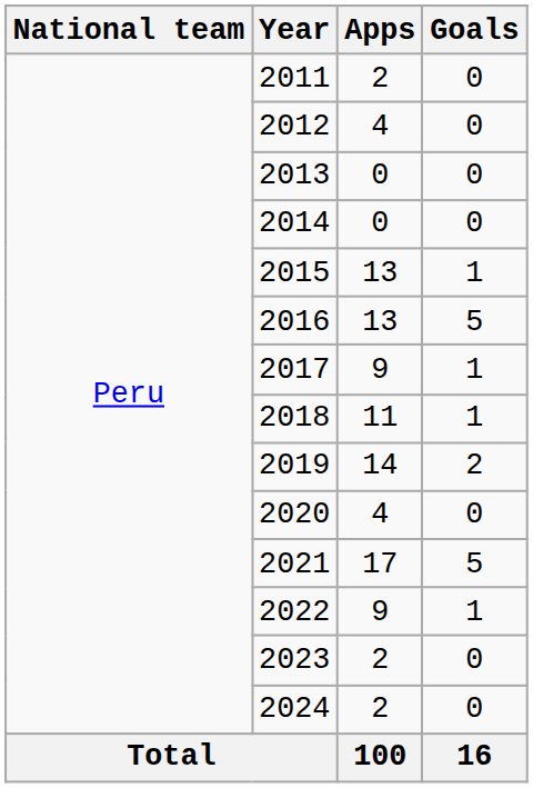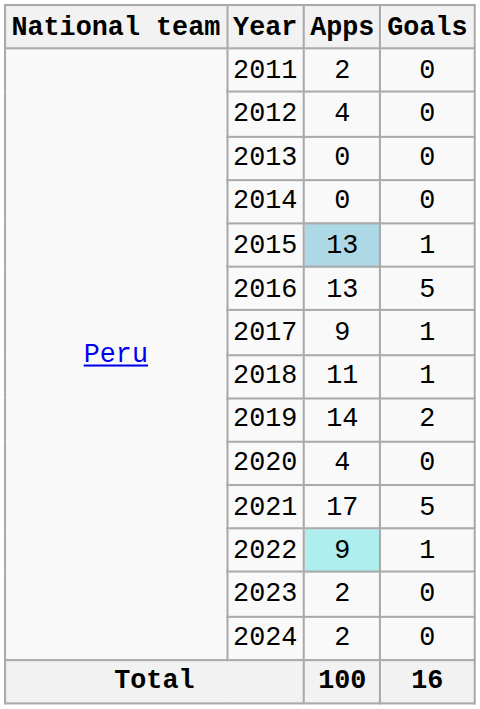 <table class="wikitable" style="text-align:center">
 <tr>
 <th>National team</th>
 <th>Year</th>
 <th>Apps</th>
 <th>Goals</th>
 </tr>
 <tr>
 <td rowspan="14"><a href='#'>Peru</a></td>
 <td>2011</td>
 <td>2</td>
 <td>0</td>
 </tr>
 <tr>
 <td>2012</td>
 <td>4</td>
 <td>0</td>
 </tr>
 <tr>
 <td>2013</td>
 <td>0</td>
 <td>0</td>
 </tr>
 <tr>
 <td>2014</td>
 <td>0</td>
 <td>0</td>
 </tr>
 <tr>
 <td>2015</td>
-<td>13</td>
+<td style="background: lightblue;">13</td>
 <td>1</td>
 </tr>
 <tr>
 <td>2016</td>
 <td>13</td>
 <td>5</td>
 </tr>
 <tr>
 <td>2017</td>
 <td>9</td>
 <td>1</td>
 </tr>
 <tr>
 <td>2018</td>
 <td>11</td>
 <td>1</td>
 </tr>
 <tr>
 <td>2019</td>
 <td>14</td>
 <td>2</td>
 </tr>
 <tr>
 <td>2020</td>
 <td>4</td>
 <td>0</td>
 </tr>
 <tr>
 <td>2021</td>
 <td>17</td>
 <td>5</td>
 </tr>
 <tr>
 <td>2022</td>
-<td>9</td>
+<td style="background: paleturquoise;">9</td>
 <td>1</td>
 </tr>
 <tr>
 <td>2023</td>
 <td>2</td>
 <td>0</td>
 </tr>
 <tr>
 <td>2024</td>
 <td>2</td>
 <td>0</td>
 </tr>
 <tr>
 <th colspan="2">Total</th>
 <th>100</th>
 <th>16</th>
 </tr>
 </table>
